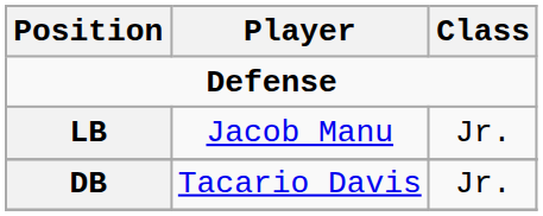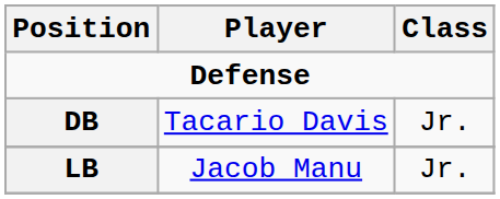 <table class="wikitable">
 <tr>
 <th>Position</th>
 <th>Player</th>
 <th>Class</th>
 </tr>
 <tr>
 <td colspan="3" style="text-align:center; "><strong>Defense</strong></td>
 </tr>
 <tr style="text-align:center;">
+<th rowspan="1">DB</th>
+<td><a href='#'>Tacario Davis</a></td>
+<td>Jr.</td>
+</tr>
+<tr>
+</tr>
+<tr style="text-align:center;">
 <th rowspan="1">LB</th>
 <td><a href='#'>Jacob Manu</a></td>
 <td>Jr.</td>
 </tr>
 <tr>
 </tr>
-<tr style="text-align:center;">
-<th rowspan="1">DB</th>
-<td><a href='#'>Tacario Davis</a></td>
-<td>Jr.</td>
-</tr>
-<tr>
-</tr>
 </table>
